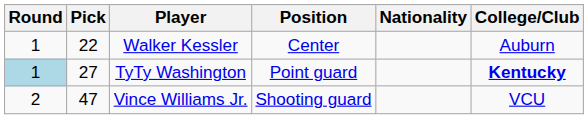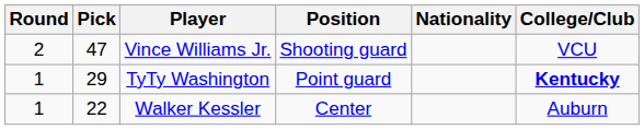 <table class="wikitable sortable sortable" style="text-align: center">
 <tr>
 <th>Round</th>
 <th>Pick</th>
 <th>Player</th>
 <th>Position</th>
 <th>Nationality</th>
 <th>College/Club</th>
 </tr>
+<tr style="text-align: guard">
+<td>2</td>
+<td>47</td>
+<td><a href='#'>Vince Williams Jr.</a></td>
+<td><a href='#'>Shooting guard</a></td>
+<td></td>
+<td><a href='#'>VCU</a></td>
+</tr>
+<tr style="text-align: center">
+<td>1</td>
+<td>29</td>
+<td><a href='#'>TyTy Washington</a></td>
+<td><a href='#'>Point guard</a></td>
+<td></td>
+<td><strong><a href='#'>Kentucky</a></strong></td>
+</tr>
 <tr style="text-align: center">
 <td>1</td>
 <td>22</td>
 <td><a href='#'>Walker Kessler</a></td>
 <td><a href='#'>Center</a></td>
 <td></td>
 <td><a href='#'>Auburn</a></td>
 </tr>
-<tr style="text-align: center">
-<td style="background: lightblue;">1</td>
-<td>27</td>
-<td><a href='#'>TyTy Washington</a></td>
-<td><a href='#'>Point guard</a></td>
-<td></td>
-<td><strong><a href='#'>Kentucky</a></strong></td>
-</tr>
-<tr style="text-align: guard">
-<td>2</td>
-<td>47</td>
-<td><a href='#'>Vince Williams Jr.</a></td>
-<td><a href='#'>Shooting guard</a></td>
-<td></td>
-<td><a href='#'>VCU</a></td>
-</tr>
 </table>
